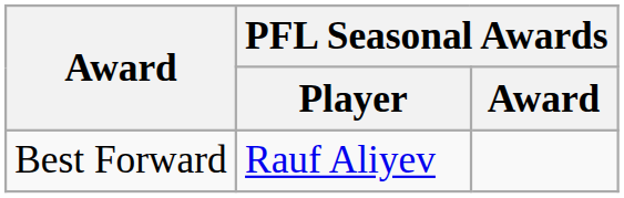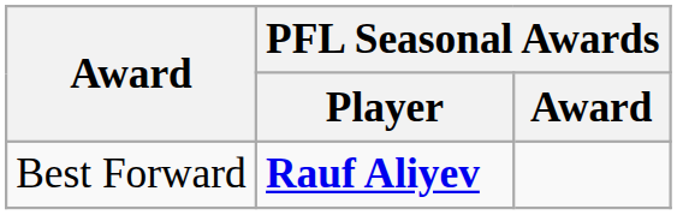 <table class="wikitable">
 <tr>
 <th rowspan="2">Award</th>
 <th colspan="2">PFL Seasonal Awards</th>
 </tr>
 <tr>
 <th>Player</th>
 <th>Award</th>
 </tr>
 <tr>
 <td>Best Forward</td>
-<td> <a href='#'>Rauf Aliyev</a></td>
+<td><strong> <a href='#'>Rauf Aliyev</a></strong></td>
 <td></td>
 </tr>
 </table>
